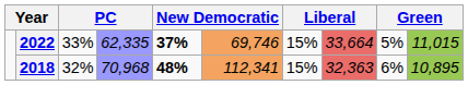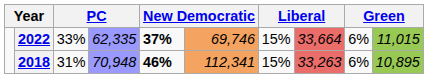 <table class="wikitable" style="float:right; width:400; font-size:90%; margin-left:1em;">
 <tr>
 <th colspan="2" scope="col">Year</th>
 <th colspan="2" scope="col"><a href='#'>PC</a></th>
 <th colspan="2" scope="col"><a href='#'>New Democratic</a></th>
 <th colspan="2" scope="col"><a href='#'>Liberal</a></th>
 <th colspan="2" scope="col"><a href='#'>Green</a></th>
 </tr>
 <tr>
 <td rowspan="2" style="width: 0.25em; background-color: "></td>
 <th><a href='#'>2022</a></th>
 <td>33%</td>
 <td style="text-align:right; background:#9999FF;"><em>62,335</em></td>
 <td><strong>37%</strong></td>
 <td style="text-align:right; background:#F4A460;"><em>69,746</em></td>
 <td>15%</td>
 <td style="text-align:right; background:#EA6D6A;"><em>33,664</em></td>
-<td>5%</td>
+<td>6%</td>
 <td style="text-align:right; background:#99C955;"><em>11,015</em></td>
 </tr>
 <tr>
 <th><a href='#'>2018</a></th>
-<td>32%</td>
-<td style="text-align:right; background:#9999FF;"><em>70,968</em></td>
-<td><strong>48%</strong></td>
+<td>31%</td>
+<td style="text-align:right; background:#9999FF;"><em>70,948</em></td>
+<td><strong>46%</strong></td>
 <td style="text-align:right; background:#F4A460;"><em>112,341</em></td>
 <td>15%</td>
-<td style="text-align:right; background:#EA6D6A;"><em>32,363</em></td>
+<td style="text-align:right; background:#EA6D6A;"><em>33,263</em></td>
 <td>6%</td>
 <td style="text-align:right; background:#99C955;"><em>10,895</em></td>
 </tr>
 <tr>
 </tr>
 </table>
